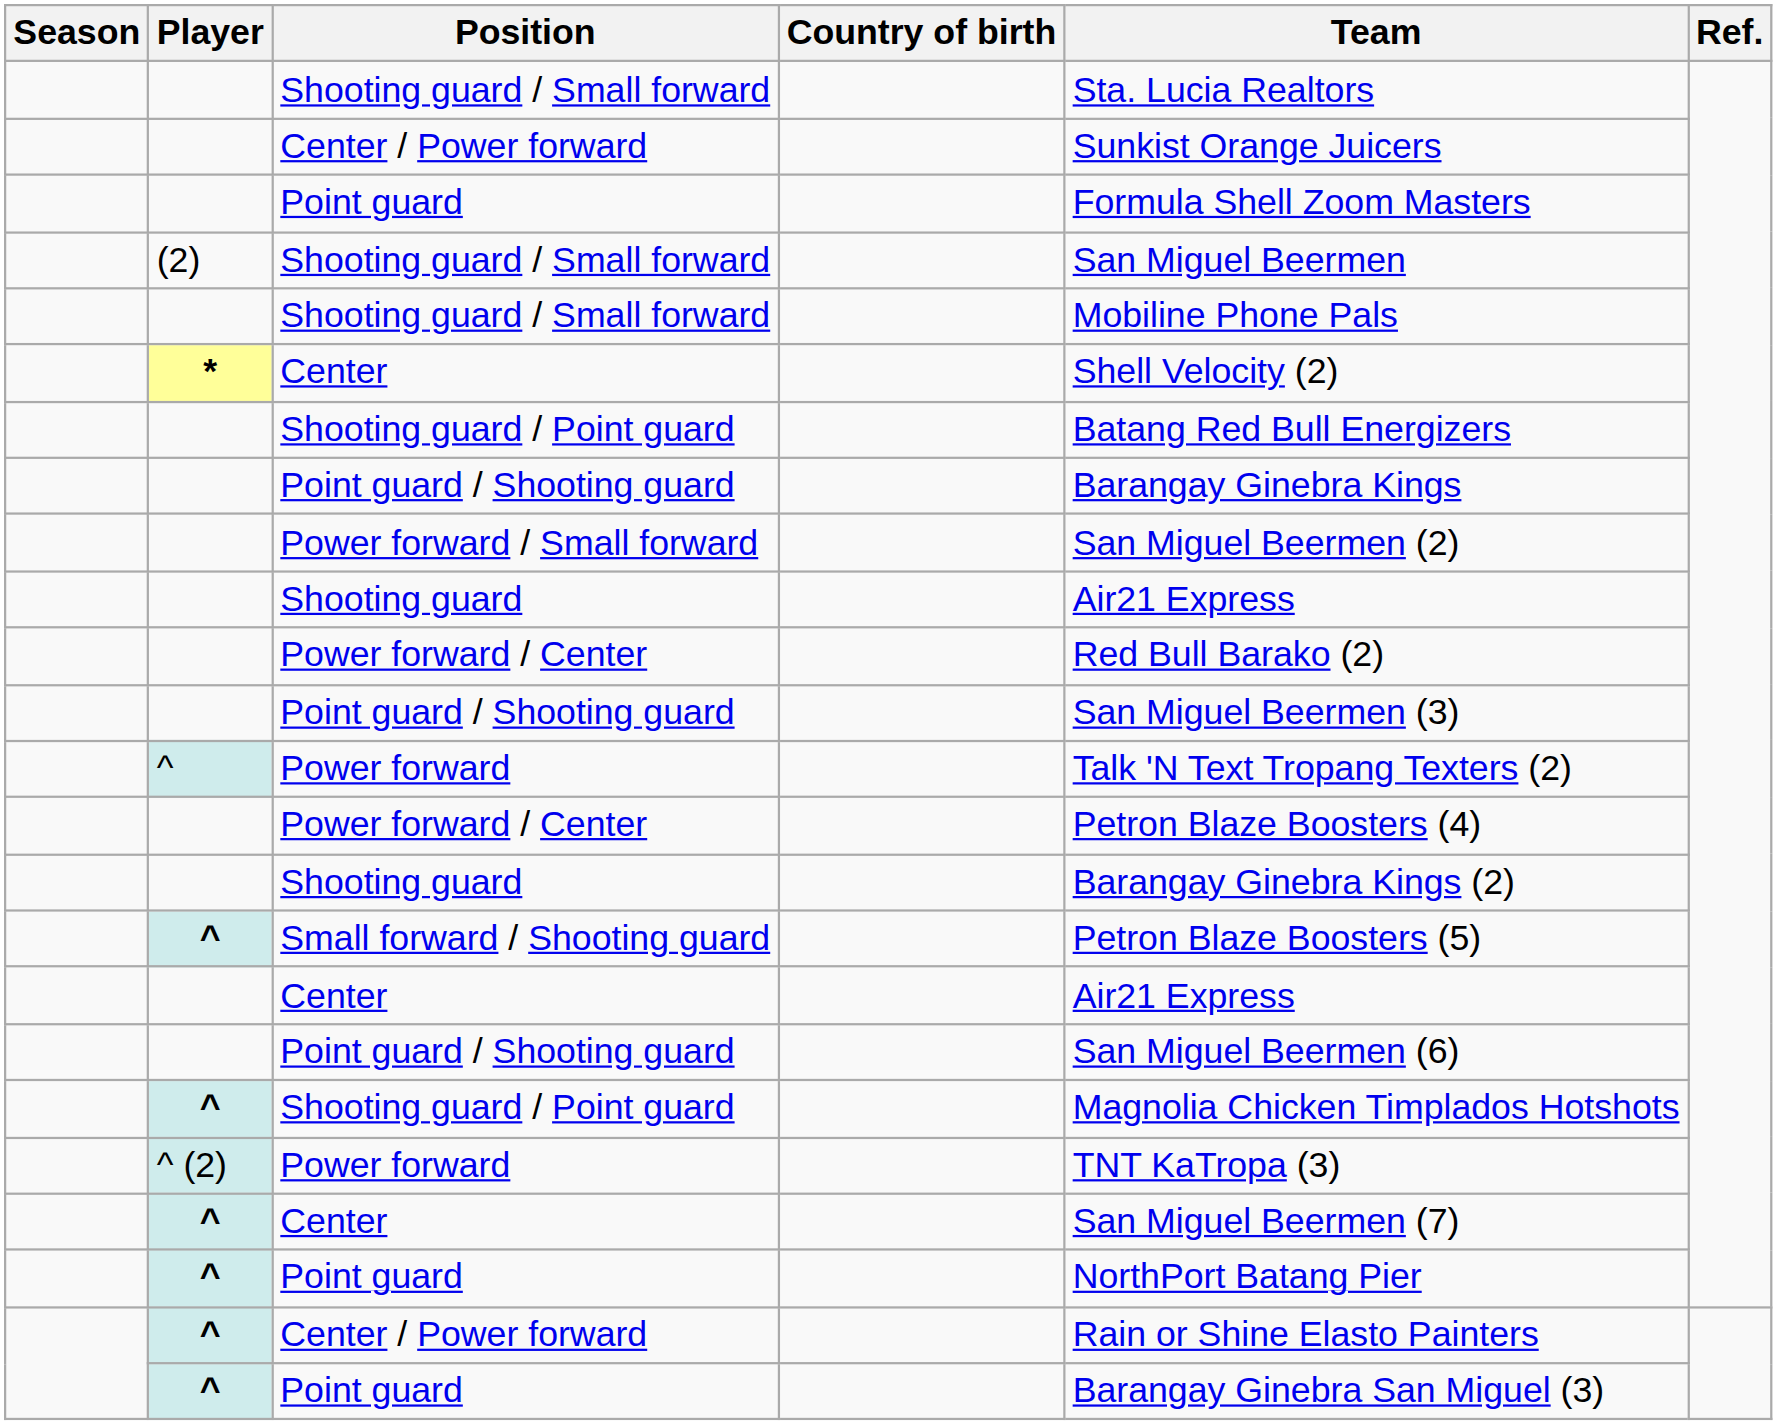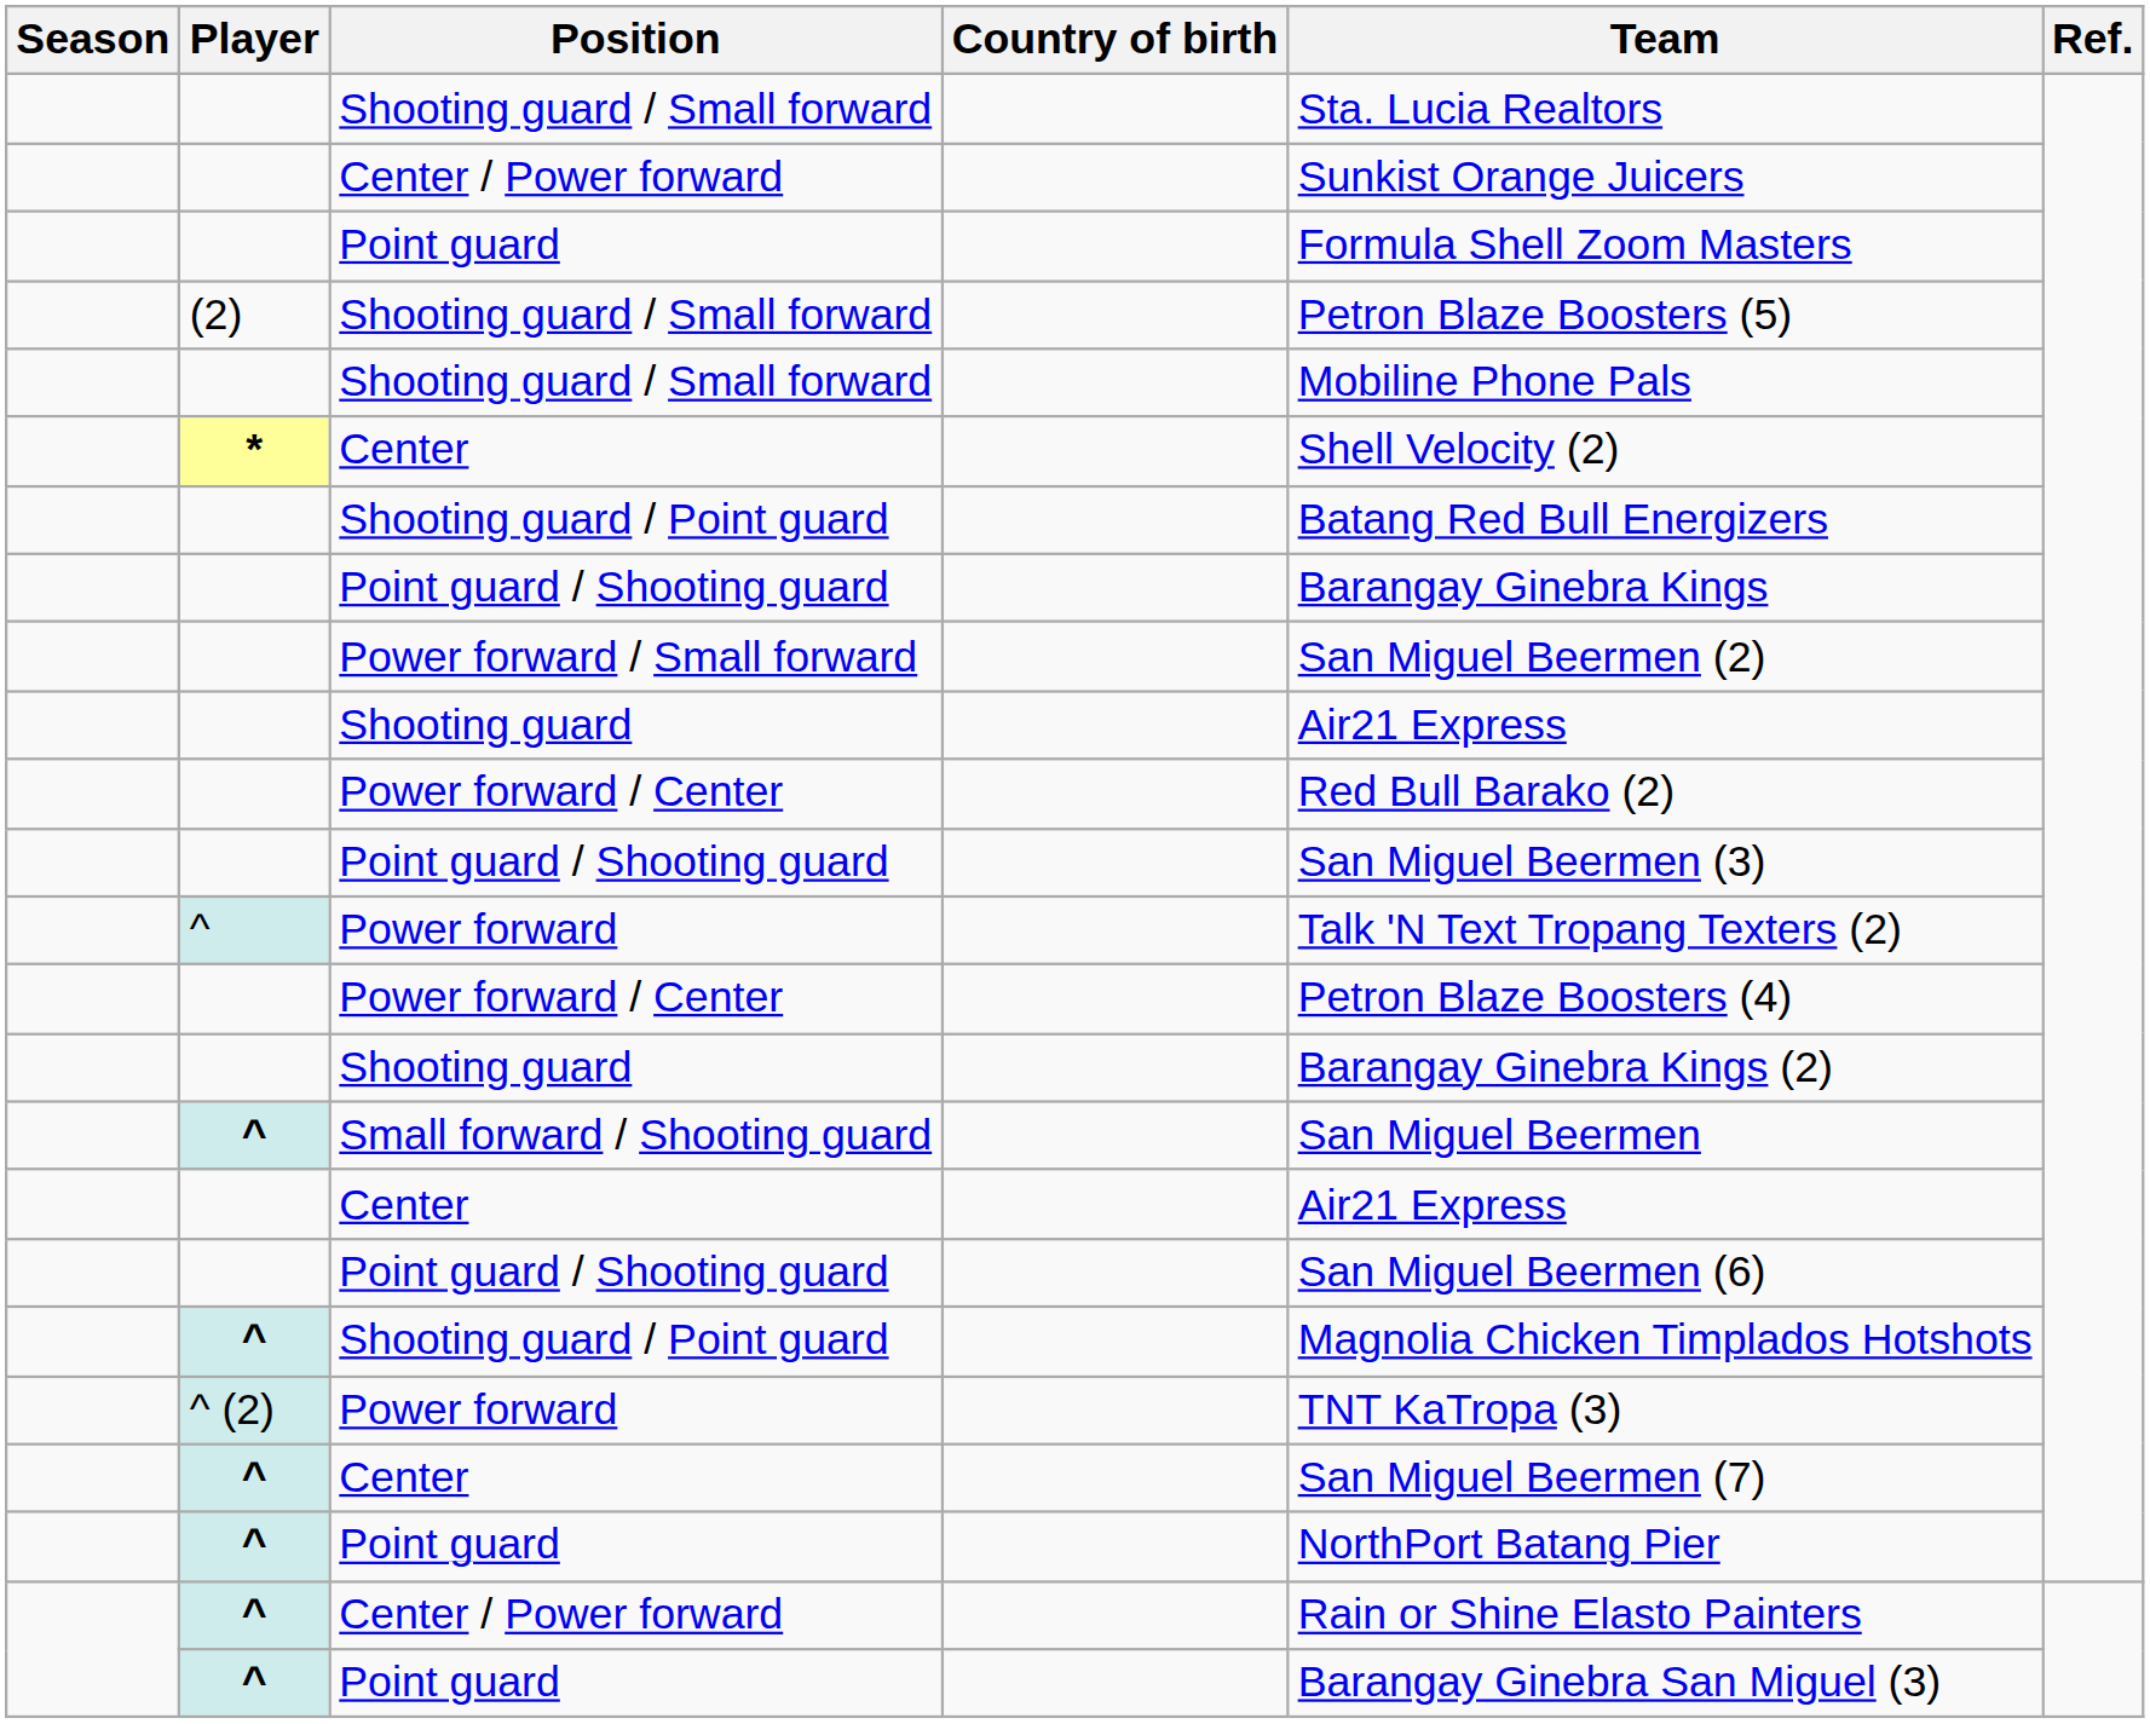 <table class="wikitable plainrowheaders sortable" summary="Season (sortable), Coach (sortable), Nationality (sortable), Team (sortable)width=640px">
 <tr>
 <th scope="col">Season</th>
 <th scope="col">Player</th>
 <th scope="col">Position</th>
 <th scope="col">Country of birth</th>
 <th scope="col">Team</th>
 <th scope="col" class=unsortable>Ref.</th>
 </tr>
 <tr>
 <td></td>
 <td></td>
 <td><a href='#'>Shooting guard</a> / <a href='#'>Small forward</a></td>
 <td></td>
 <td><a href='#'>Sta. Lucia Realtors</a></td>
 </tr>
 <tr>
 <td></td>
 <td></td>
 <td><a href='#'>Center</a> / <a href='#'>Power forward</a></td>
 <td></td>
 <td><a href='#'>Sunkist Orange Juicers</a></td>
 </tr>
 <tr>
 <td></td>
 <td></td>
 <td><a href='#'>Point guard</a></td>
 <td></td>
 <td><a href='#'>Formula Shell Zoom Masters</a></td>
 </tr>
 <tr>
 <td></td>
 <td> (2)</td>
 <td><a href='#'>Shooting guard</a> / <a href='#'>Small forward</a></td>
 <td></td>
-<td><a href='#'>San Miguel Beermen</a></td>
+<td><a href='#'>Petron Blaze Boosters</a> (5)</td>
 </tr>
 <tr>
 <td></td>
 <td></td>
 <td><a href='#'>Shooting guard</a> / <a href='#'>Small forward</a></td>
 <td></td>
 <td><a href='#'>Mobiline Phone Pals</a></td>
 </tr>
 <tr>
 <td></td>
 <th scope="row" style="background-color:#FFFF99">*</th>
 <td><a href='#'>Center</a></td>
 <td></td>
 <td><a href='#'>Shell Velocity</a> (2)</td>
 </tr>
 <tr>
 <td></td>
 <td></td>
 <td><a href='#'>Shooting guard</a> / <a href='#'>Point guard</a></td>
 <td></td>
 <td><a href='#'>Batang Red Bull Energizers</a></td>
 </tr>
 <tr>
 <td></td>
 <td></td>
 <td><a href='#'>Point guard</a> / <a href='#'>Shooting guard</a></td>
 <td></td>
 <td><a href='#'>Barangay Ginebra Kings</a></td>
 </tr>
 <tr>
 <td></td>
 <td></td>
 <td><a href='#'>Power forward</a> / <a href='#'>Small forward</a></td>
 <td></td>
 <td><a href='#'>San Miguel Beermen</a> (2)</td>
 </tr>
 <tr>
 <td></td>
 <td></td>
 <td><a href='#'>Shooting guard</a></td>
 <td></td>
 <td><a href='#'>Air21 Express</a></td>
 </tr>
 <tr>
 <td></td>
 <td></td>
 <td><a href='#'>Power forward</a> / <a href='#'>Center</a></td>
 <td></td>
 <td><a href='#'>Red Bull Barako</a> (2)</td>
 </tr>
 <tr>
 <td></td>
 <td></td>
 <td><a href='#'>Point guard</a> / <a href='#'>Shooting guard</a></td>
 <td></td>
 <td><a href='#'>San Miguel Beermen</a> (3)</td>
 </tr>
 <tr>
 <td></td>
 <td bgcolor="#CFECEC">^</td>
 <td><a href='#'>Power forward</a></td>
 <td></td>
 <td><a href='#'>Talk 'N Text Tropang Texters</a> (2)</td>
 </tr>
 <tr>
 <td></td>
 <td></td>
 <td><a href='#'>Power forward</a> / <a href='#'>Center</a></td>
 <td></td>
 <td><a href='#'>Petron Blaze Boosters</a> (4)</td>
 </tr>
 <tr>
 <td></td>
 <td></td>
 <td><a href='#'>Shooting guard</a></td>
 <td></td>
 <td><a href='#'>Barangay Ginebra Kings</a> (2)</td>
 </tr>
 <tr>
 <td></td>
 <th scope="row" style="background-color:#CFECEC">^</th>
 <td><a href='#'>Small forward</a> / <a href='#'>Shooting guard</a></td>
 <td></td>
-<td><a href='#'>Petron Blaze Boosters</a> (5)</td>
+<td><a href='#'>San Miguel Beermen</a></td>
 </tr>
 <tr>
 <td></td>
 <td></td>
 <td><a href='#'>Center</a></td>
 <td></td>
 <td><a href='#'>Air21 Express</a></td>
 </tr>
 <tr>
 <td></td>
 <td></td>
 <td><a href='#'>Point guard</a> / <a href='#'>Shooting guard</a></td>
 <td></td>
 <td><a href='#'>San Miguel Beermen</a> (6)</td>
 </tr>
 <tr>
 <td></td>
 <th scope="row" style="background-color:#CFECEC">^</th>
 <td><a href='#'>Shooting guard</a> / <a href='#'>Point guard</a></td>
 <td></td>
 <td><a href='#'>Magnolia Chicken Timplados Hotshots</a></td>
 </tr>
 <tr>
 <td></td>
 <td bgcolor="#CFECEC">^ (2)</td>
 <td><a href='#'>Power forward</a></td>
 <td></td>
 <td><a href='#'>TNT KaTropa</a> (3)</td>
 </tr>
 <tr>
 <td></td>
 <th scope="row" style="background-color:#CFECEC">^</th>
 <td><a href='#'>Center</a></td>
 <td></td>
 <td><a href='#'>San Miguel Beermen</a> (7)</td>
 </tr>
 <tr>
 <td></td>
 <th scope="row" style="background-color:#CFECEC">^</th>
 <td><a href='#'>Point guard</a></td>
 <td></td>
 <td><a href='#'>NorthPort Batang Pier</a></td>
 </tr>
 <tr>
 <td rowspan=2></td>
 <th scope="row" style="background-color:#CFECEC">^</th>
 <td><a href='#'>Center</a> / <a href='#'>Power forward</a></td>
 <td></td>
 <td><a href='#'>Rain or Shine Elasto Painters</a></td>
 <td rowspan=2></td>
 </tr>
 <tr>
 <th scope="row" style="background-color:#CFECEC">^</th>
 <td><a href='#'>Point guard</a></td>
 <td></td>
 <td><a href='#'>Barangay Ginebra San Miguel</a> (3)</td>
 </tr>
 </table>
